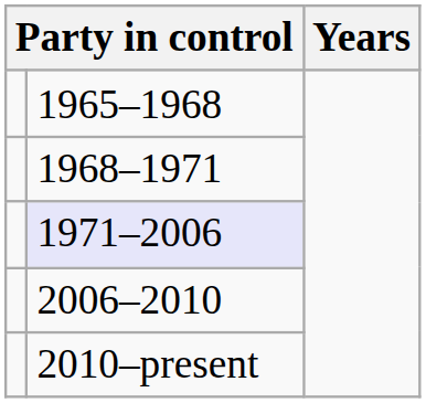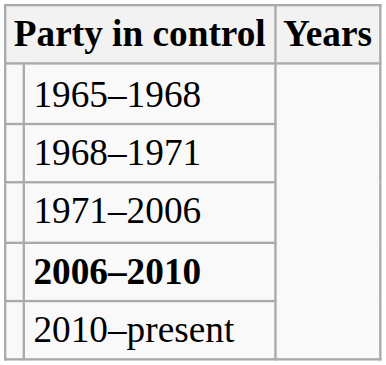 <table class="wikitable">
 <tr>
 <th colspan=2>Party in control</th>
 <th>Years</th>
 </tr>
 <tr>
 <td></td>
 <td>1965–1968</td>
 </tr>
 <tr>
 <td></td>
 <td>1968–1971</td>
 </tr>
 <tr>
 <td></td>
-<td style="background: lavender;">1971–2006</td>
+<td>1971–2006</td>
 </tr>
 <tr>
 <td></td>
-<td>2006–2010</td>
+<td><strong>2006–2010</strong></td>
 </tr>
 <tr>
 <td></td>
 <td>2010–present</td>
 </tr>
 </table>
